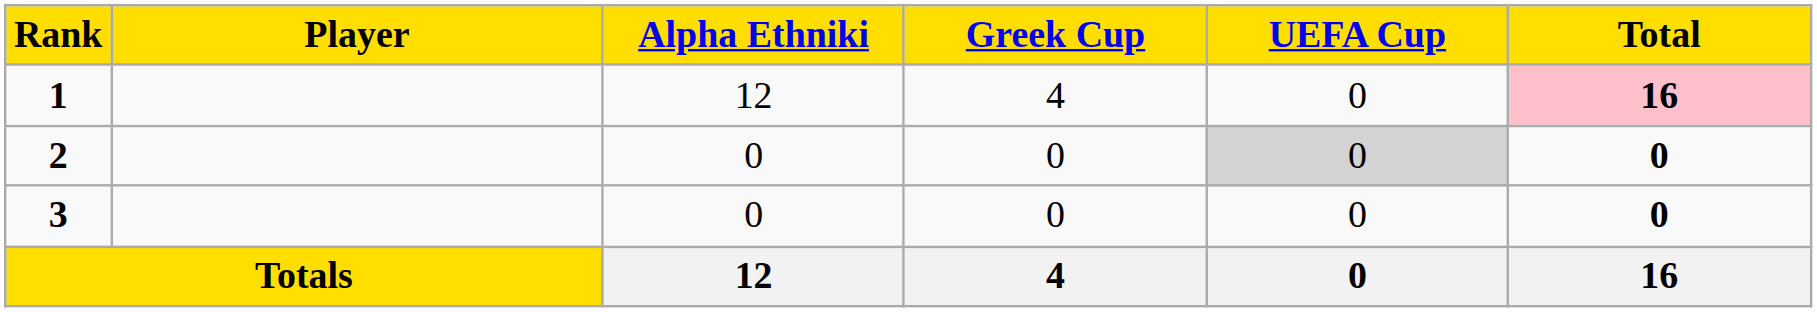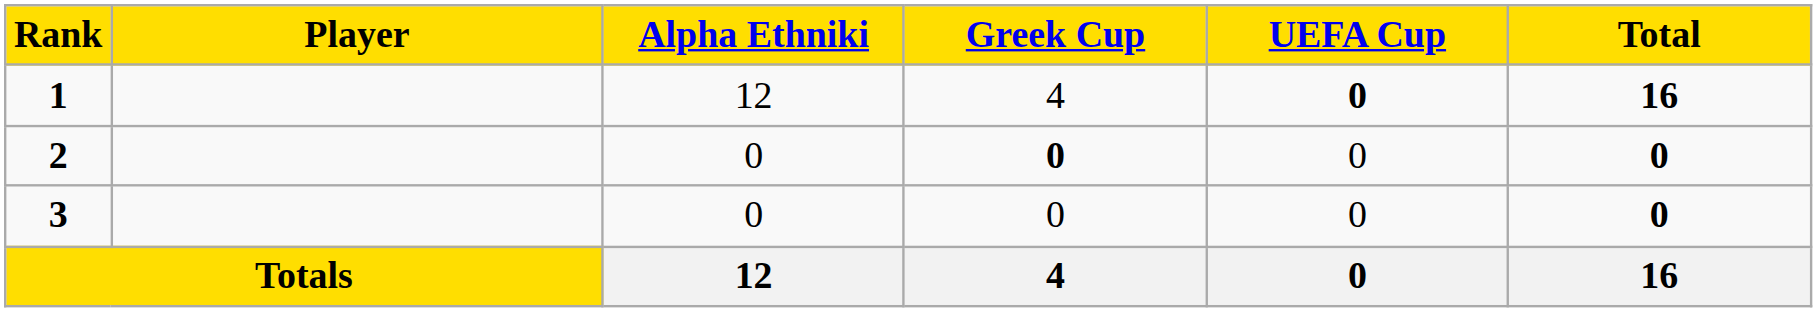 <table class="wikitable sortable" style="text-align:center">
 <tr>
 <th style="background:#FFDE00">Rank</th>
 <th width=200 style="background:#FFDE00">Player</th>
 <th width=120 style="background:#FFDE00"><a href='#'>Alpha Ethniki</a></th>
 <th width=120 style="background:#FFDE00"><a href='#'>Greek Cup</a></th>
 <th width=120 style="background:#FFDE00"><a href='#'>UEFA Cup</a></th>
 <th width=120 style="background:#FFDE00">Total</th>
 </tr>
 <tr>
 <td><strong>1</strong></td>
 <td align=left></td>
 <td>12</td>
 <td>4</td>
-<td>0</td>
-<td style="background: pink;"><strong>16</strong></td>
+<td><strong>0</strong></td>
+<td><strong>16</strong></td>
 </tr>
 <tr>
 <td><strong>2</strong></td>
 <td align=left></td>
 <td>0</td>
+<td><strong>0</strong></td>
 <td>0</td>
-<td style="background: lightgrey;">0</td>
 <td><strong>0</strong></td>
 </tr>
 <tr>
 <td><strong>3</strong></td>
 <td align=left></td>
 <td>0</td>
 <td>0</td>
 <td>0</td>
 <td><strong>0</strong></td>
 </tr>
 <tr class="sortbottom">
 <th colspan=2 style="background:#FFDE00"><strong>Totals</strong></th>
 <th><strong>12</strong></th>
 <th><strong> 4</strong></th>
 <th><strong> 0</strong></th>
 <th><strong>16</strong></th>
 </tr>
 </table>
